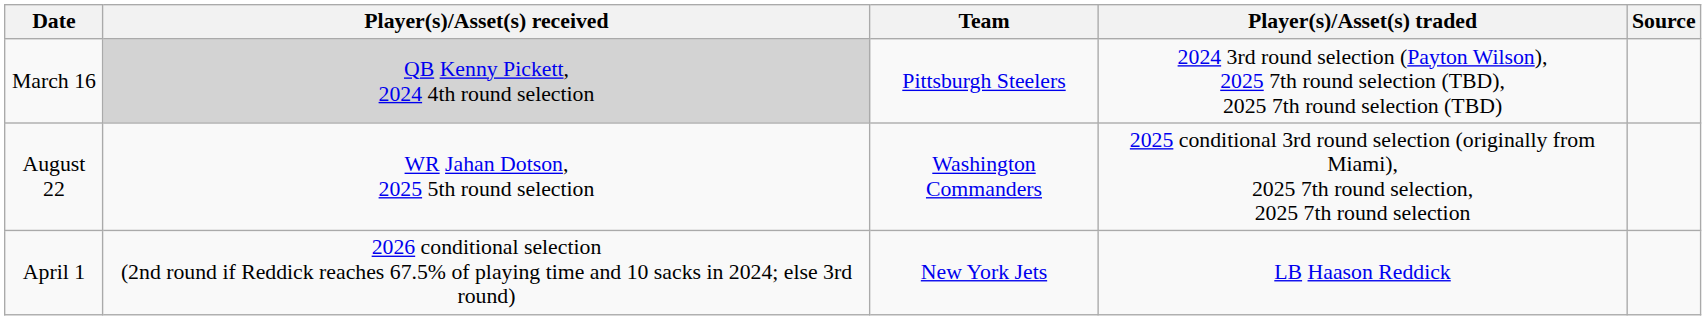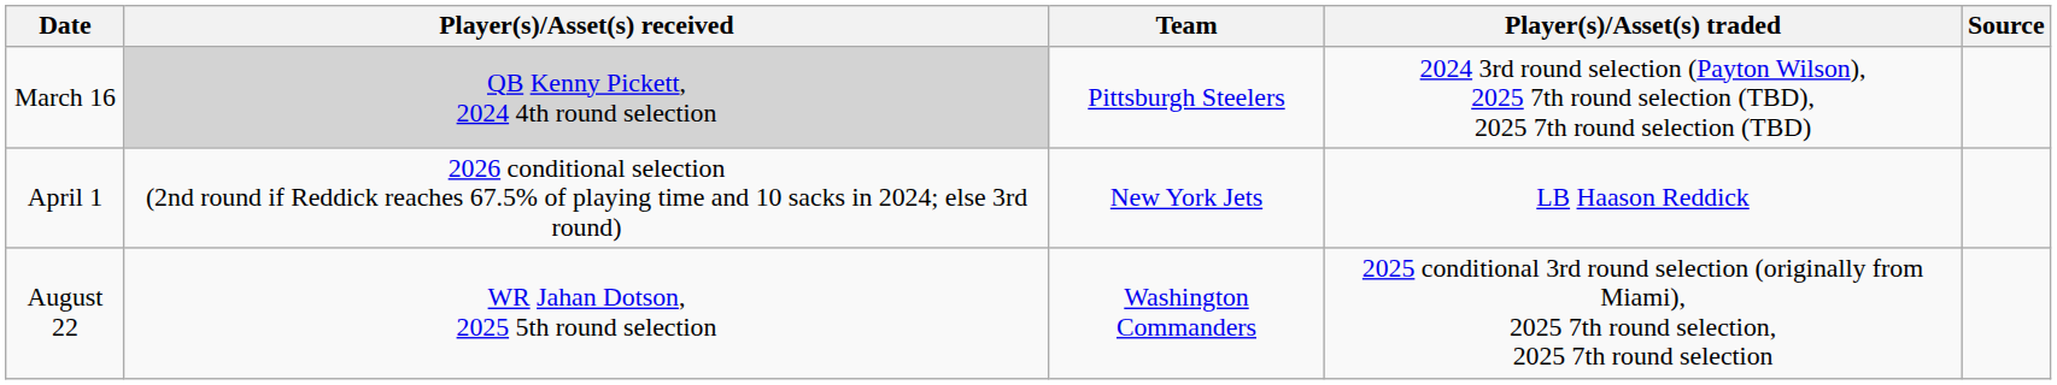 <table class="wikitable" style="text-align:center">
 <tr>
 <th>Date</th>
 <th>Player(s)/Asset(s) received</th>
 <th>Team</th>
 <th>Player(s)/Asset(s) traded</th>
 <th>Source</th>
 </tr>
 <tr>
 <td>March 16</td>
 <td style="background: lightgrey;"><a href='#'>QB</a> <a href='#'>Kenny Pickett</a>,<br><a href='#'>2024</a> 4th round selection</td>
 <td><a href='#'>Pittsburgh Steelers</a></td>
 <td><a href='#'>2024</a> 3rd round selection (<a href='#'>Payton Wilson</a>),<br><a href='#'>2025</a> 7th round selection (TBD),<br>2025 7th round selection (TBD)</td>
 <td></td>
 </tr>
 <tr>
+<td>April 1</td>
+<td><a href='#'>2026</a> conditional selection <br> (2nd round if Reddick reaches 67.5% of playing time and 10 sacks in 2024; else 3rd round)</td>
+<td><a href='#'>New York Jets</a></td>
+<td><a href='#'>LB</a> <a href='#'>Haason Reddick</a></td>
+<td></td>
+</tr>
+<tr>
 <td>August 22</td>
 <td><a href='#'>WR</a> <a href='#'>Jahan Dotson</a>,<br><a href='#'>2025</a> 5th round selection</td>
 <td><a href='#'>Washington Commanders</a></td>
 <td><a href='#'>2025</a> conditional 3rd round selection (originally from Miami),<br>2025 7th round selection,<br>2025 7th round selection</td>
 <td></td>
 </tr>
-<tr>
-<td>April 1</td>
-<td><a href='#'>2026</a> conditional selection <br> (2nd round if Reddick reaches 67.5% of playing time and 10 sacks in 2024; else 3rd round)</td>
-<td><a href='#'>New York Jets</a></td>
-<td><a href='#'>LB</a> <a href='#'>Haason Reddick</a></td>
-<td></td>
-</tr>
 </table>
